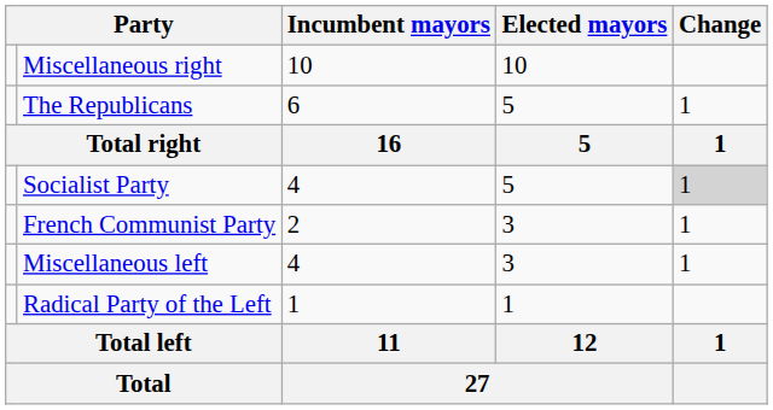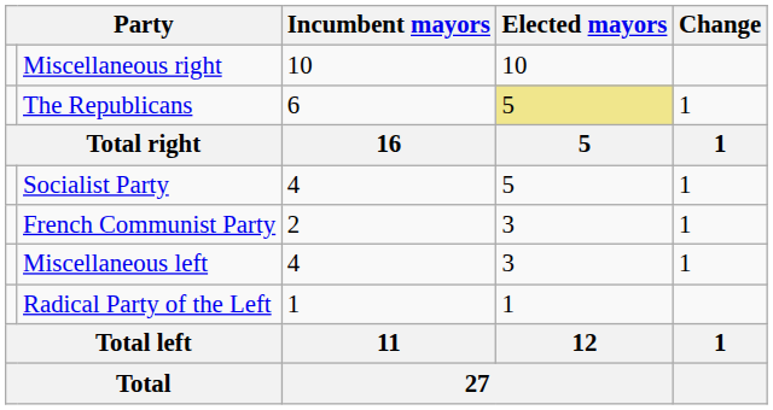 <table class="wikitable">
 <tr>
 <th colspan="2">Party</th>
 <th>Incumbent <a href='#'>mayors</a></th>
 <th>Elected <a href='#'>mayors</a></th>
 <th>Change</th>
 </tr>
 <tr>
 <td style="background:"></td>
 <td><a href='#'>Miscellaneous right</a></td>
 <td>10</td>
 <td>10</td>
 <td></td>
 </tr>
 <tr>
 <td style="background:"></td>
 <td><a href='#'>The Republicans</a></td>
 <td>6</td>
-<td>5</td>
+<td style="background: khaki;">5</td>
 <td> 1</td>
 </tr>
 <tr>
 <th colspan="2">Total right</th>
 <th>16</th>
 <th>5</th>
 <th> 1</th>
 </tr>
 <tr>
 <td style="background:"></td>
 <td><a href='#'>Socialist Party</a></td>
 <td>4</td>
 <td>5</td>
-<td style="background: lightgrey;"> 1</td>
+<td> 1</td>
 </tr>
 <tr>
 <td style="background:"></td>
 <td><a href='#'>French Communist Party</a></td>
 <td>2</td>
 <td>3</td>
 <td> 1</td>
 </tr>
 <tr>
 <td style="background:"></td>
 <td><a href='#'>Miscellaneous left</a></td>
 <td>4</td>
 <td>3</td>
 <td> 1</td>
 </tr>
 <tr>
 <td style="background:"></td>
 <td><a href='#'>Radical Party of the Left</a></td>
 <td>1</td>
 <td>1</td>
 <td></td>
 </tr>
 <tr>
 <th colspan="2">Total left</th>
 <th>11</th>
 <th>12</th>
 <th> 1</th>
 </tr>
 <tr>
 <th colspan="2">Total</th>
 <th colspan="2">27</th>
 <th></th>
 </tr>
 </table>
